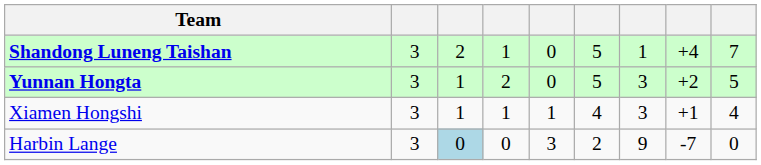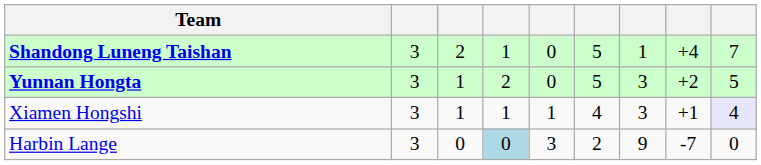 <table class="wikitable" style="text-align:center;">
 <tr>
 <th width=310>Team</th>
 <th width=30></th>
 <th width=30></th>
 <th width=30></th>
 <th width=30></th>
 <th width=30></th>
 <th width=30></th>
 <th width=30></th>
 <th width=30></th>
 </tr>
 <tr bgcolor="#ccffcc">
 <td align="left"><strong><a href='#'>Shandong Luneng Taishan</a></strong></td>
 <td>3</td>
 <td>2</td>
 <td>1</td>
 <td>0</td>
 <td>5</td>
 <td>1</td>
 <td>+4</td>
 <td>7</td>
 </tr>
 <tr bgcolor="#ccffcc">
 <td align="left"><strong><a href='#'>Yunnan Hongta</a></strong></td>
 <td>3</td>
 <td>1</td>
 <td>2</td>
 <td>0</td>
 <td>5</td>
 <td>3</td>
 <td>+2</td>
 <td>5</td>
 </tr>
 <tr>
 <td align="left"><a href='#'>Xiamen Hongshi</a></td>
 <td>3</td>
 <td>1</td>
 <td>1</td>
 <td>1</td>
 <td>4</td>
 <td>3</td>
 <td>+1</td>
-<td>4</td>
+<td style="background: lavender;">4</td>
 </tr>
 <tr>
 <td align="left"><a href='#'>Harbin Lange</a></td>
 <td>3</td>
+<td>0</td>
 <td style="background: lightblue;">0</td>
-<td>0</td>
 <td>3</td>
 <td>2</td>
 <td>9</td>
 <td>-7</td>
 <td>0</td>
 </tr>
 </table>
